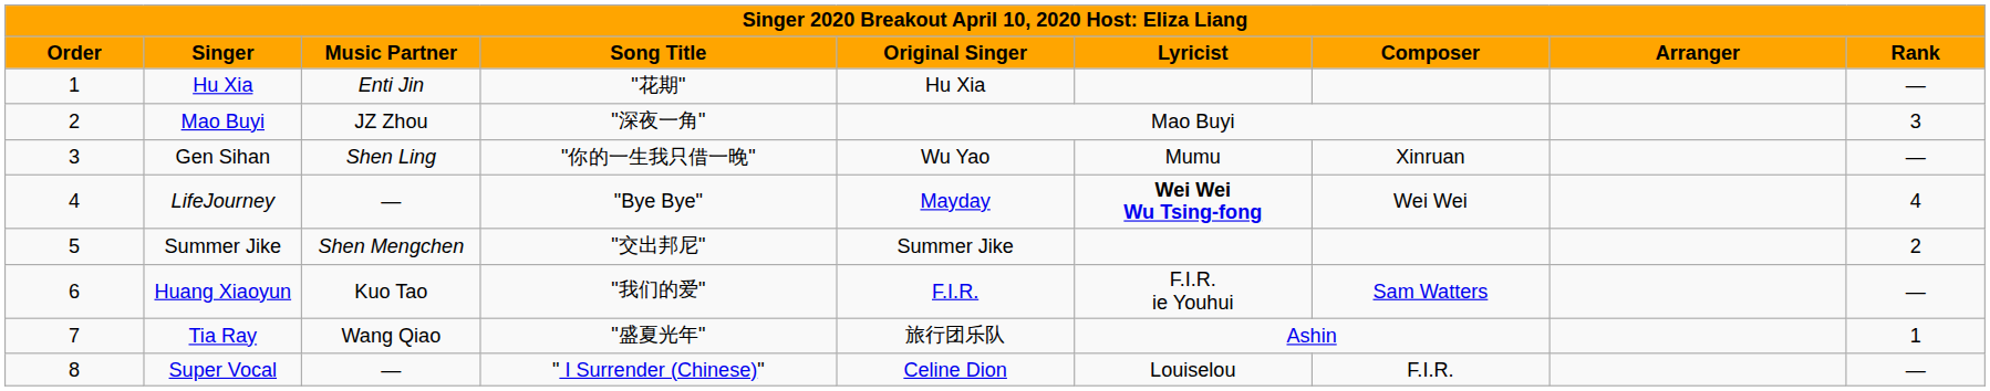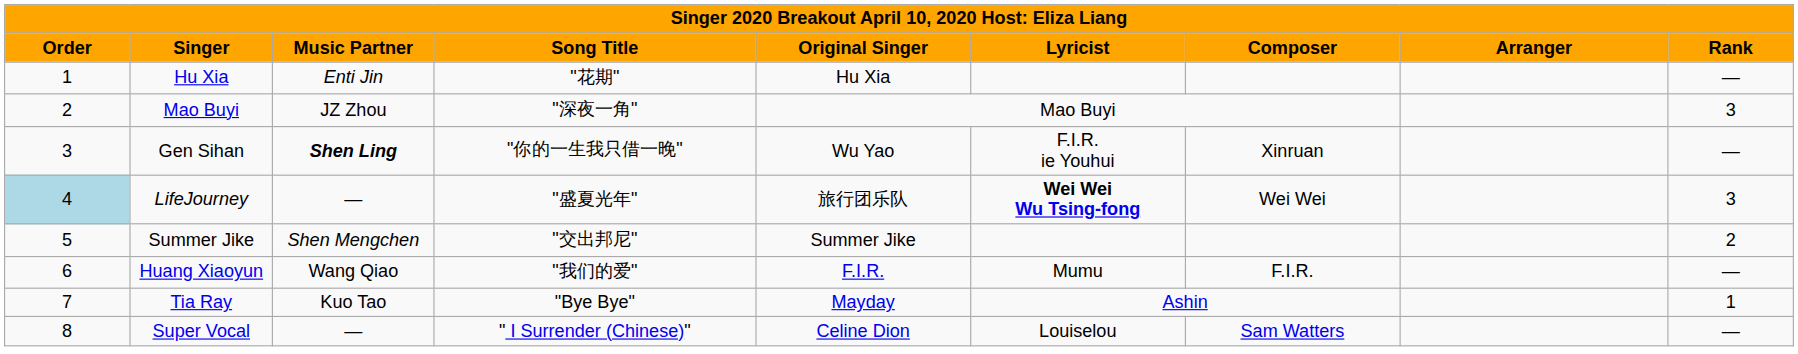 <table class="wikitable sortable mw-collapsible" width="100%" style="text-align:center">
 <tr align=center style="background:orange">
 <td colspan="9"><div><strong>Singer 2020 Breakout April 10, 2020 Host: Eliza Liang</strong></div></td>
 </tr>
 <tr style="background:orange">
 <td style="width:7%"><strong>Order</strong></td>
 <td style="width:8%"><strong>Singer</strong></td>
 <td style="width:9%"><strong>Music Partner</strong></td>
 <td style="width:18%"><strong>Song Title</strong></td>
 <td style="width:12%"><strong>Original Singer</strong></td>
 <td style="width:12% "><strong>Lyricist</strong></td>
 <td style="width:12%"><strong>Composer</strong></td>
 <td style="width:15%"><strong>Arranger</strong></td>
 <td style="width:7%"><strong>Rank</strong></td>
 </tr>
 <tr>
 <td>1</td>
 <td><a href='#'>Hu Xia</a></td>
 <td><em>Enti Jin</em></td>
 <td>"花期"</td>
 <td>Hu Xia</td>
 <td></td>
 <td></td>
 <td></td>
 <td>—</td>
 </tr>
 <tr>
 <td>2</td>
 <td><a href='#'>Mao Buyi</a></td>
 <td>JZ Zhou</td>
 <td>"深夜一角"</td>
 <td colspan=3>Mao Buyi</td>
 <td></td>
 <td>3</td>
 </tr>
 <tr>
 <td>3</td>
 <td>Gen Sihan</td>
-<td><em>Shen Ling</em></td>
+<td><strong><em>Shen Ling</em></strong></td>
 <td>"你的一生我只借一晚"</td>
 <td>Wu Yao</td>
-<td>Mumu</td>
+<td>F.I.R.<br>ie Youhui</td>
 <td>Xinruan</td>
 <td></td>
 <td>—</td>
 </tr>
 <tr>
-<td>4</td>
+<td style="background: lightblue;">4</td>
 <td><em>LifeJourney</em></td>
 <td>—</td>
-<td>"Bye Bye"</td>
-<td><a href='#'>Mayday</a></td>
+<td>"盛夏光年"</td>
+<td>旅行团乐队</td>
 <td><strong>Wei Wei<br><a href='#'>Wu Tsing-fong</a></strong></td>
 <td>Wei Wei</td>
 <td></td>
-<td>4</td>
+<td>3</td>
 </tr>
 <tr>
 <td>5</td>
 <td>Summer Jike</td>
 <td><em>Shen Mengchen</em></td>
 <td>"交出邦尼"</td>
 <td>Summer Jike</td>
 <td></td>
 <td></td>
 <td></td>
 <td>2</td>
 </tr>
 <tr>
 <td>6</td>
 <td><a href='#'>Huang Xiaoyun</a></td>
-<td>Kuo Tao</td>
+<td>Wang Qiao</td>
 <td>"我们的爱"</td>
 <td><a href='#'>F.I.R.</a></td>
-<td>F.I.R.<br>ie Youhui</td>
-<td><a href='#'>Sam Watters</a></td>
+<td>Mumu</td>
+<td>F.I.R.</td>
 <td></td>
 <td>—</td>
 </tr>
 <tr>
 <td>7</td>
 <td><a href='#'>Tia Ray</a></td>
-<td>Wang Qiao</td>
-<td>"盛夏光年"</td>
-<td>旅行团乐队</td>
+<td>Kuo Tao</td>
+<td>"Bye Bye"</td>
+<td><a href='#'>Mayday</a></td>
 <td colspan=2><a href='#'>Ashin</a></td>
 <td></td>
 <td>1</td>
 </tr>
 <tr>
 <td>8</td>
 <td><a href='#'>Super Vocal</a></td>
 <td>—</td>
 <td>"<a href='#'> I Surrender (Chinese)</a>"</td>
 <td><a href='#'>Celine Dion</a></td>
 <td>Louiselou</td>
-<td>F.I.R.</td>
+<td><a href='#'>Sam Watters</a></td>
 <td></td>
 <td>—</td>
 </tr>
 </table>
